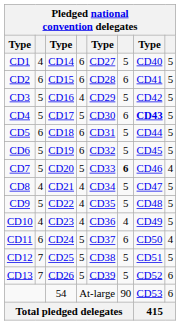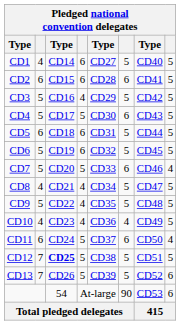 <table class="wikitable sortable" style="font-size:90%;text-align:center;float:none;padding:5px;">
 <tr>
 <th colspan="8">Pledged <a href='#'>national<br>convention</a> delegates</th>
 </tr>
 <tr>
 <th>Type</th>
 <th></th>
 <th>Type</th>
 <th></th>
 <th>Type</th>
 <th></th>
 <th>Type</th>
 <th></th>
 </tr>
 <tr>
 <td><a href='#'>CD1</a></td>
 <td>4</td>
 <td><a href='#'>CD14</a></td>
 <td>6</td>
 <td><a href='#'>CD27</a></td>
 <td>5</td>
 <td><a href='#'>CD40</a></td>
 <td>5</td>
 </tr>
 <tr>
 <td><a href='#'>CD2</a></td>
 <td>6</td>
 <td><a href='#'>CD15</a></td>
 <td>6</td>
 <td><a href='#'>CD28</a></td>
 <td>6</td>
 <td><a href='#'>CD41</a></td>
 <td>5</td>
 </tr>
 <tr>
 <td><a href='#'>CD3</a></td>
 <td>5</td>
 <td><a href='#'>CD16</a></td>
 <td>4</td>
 <td><a href='#'>CD29</a></td>
 <td>5</td>
 <td><a href='#'>CD42</a></td>
 <td>5</td>
 </tr>
 <tr>
 <td><a href='#'>CD4</a></td>
 <td>5</td>
 <td><a href='#'>CD17</a></td>
 <td>5</td>
 <td><a href='#'>CD30</a></td>
 <td>6</td>
-<td><strong><a href='#'>CD43</a></strong></td>
+<td><a href='#'>CD43</a></td>
 <td>5</td>
 </tr>
 <tr>
 <td><a href='#'>CD5</a></td>
 <td>6</td>
 <td><a href='#'>CD18</a></td>
 <td>6</td>
 <td><a href='#'>CD31</a></td>
 <td>5</td>
 <td><a href='#'>CD44</a></td>
 <td>5</td>
 </tr>
 <tr>
 <td><a href='#'>CD6</a></td>
 <td>5</td>
 <td><a href='#'>CD19</a></td>
 <td>6</td>
 <td><a href='#'>CD32</a></td>
 <td>5</td>
 <td><a href='#'>CD45</a></td>
 <td>5</td>
 </tr>
 <tr>
 <td><a href='#'>CD7</a></td>
 <td>5</td>
 <td><a href='#'>CD20</a></td>
 <td>5</td>
 <td><a href='#'>CD33</a></td>
-<td><strong>6</strong></td>
+<td>6</td>
 <td><a href='#'>CD46</a></td>
 <td>4</td>
 </tr>
 <tr>
 <td><a href='#'>CD8</a></td>
 <td>4</td>
 <td><a href='#'>CD21</a></td>
 <td>4</td>
 <td><a href='#'>CD34</a></td>
 <td>5</td>
 <td><a href='#'>CD47</a></td>
 <td>5</td>
 </tr>
 <tr>
 <td><a href='#'>CD9</a></td>
 <td>5</td>
 <td><a href='#'>CD22</a></td>
 <td>4</td>
 <td><a href='#'>CD35</a></td>
 <td>5</td>
 <td><a href='#'>CD48</a></td>
 <td>5</td>
 </tr>
 <tr>
 <td><a href='#'>CD10</a></td>
 <td>4</td>
 <td><a href='#'>CD23</a></td>
 <td>4</td>
 <td><a href='#'>CD36</a></td>
 <td>4</td>
 <td><a href='#'>CD49</a></td>
 <td>5</td>
 </tr>
 <tr>
 <td><a href='#'>CD11</a></td>
 <td>6</td>
 <td><a href='#'>CD24</a></td>
 <td>5</td>
 <td><a href='#'>CD37</a></td>
 <td>6</td>
 <td><a href='#'>CD50</a></td>
 <td>4</td>
 </tr>
 <tr>
 <td><a href='#'>CD12</a></td>
 <td>7</td>
-<td><a href='#'>CD25</a></td>
+<td><strong><a href='#'>CD25</a></strong></td>
 <td>5</td>
 <td><a href='#'>CD38</a></td>
 <td>5</td>
 <td><a href='#'>CD51</a></td>
 <td>5</td>
 </tr>
 <tr>
 <td><a href='#'>CD13</a></td>
 <td>7</td>
 <td><a href='#'>CD26</a></td>
 <td>5</td>
 <td><a href='#'>CD39</a></td>
 <td>5</td>
 <td><a href='#'>CD52</a></td>
 <td>6</td>
 </tr>
 <tr>
 <td colspan="2"></td>
 <td>54</td>
 <td colspan="2">At-large</td>
 <td>90</td>
 <td><a href='#'>CD53</a></td>
 <td>6</td>
 </tr>
 <tr>
 <th colspan="6">Total pledged delegates</th>
 <th colspan="2">415</th>
 </tr>
 </table>
